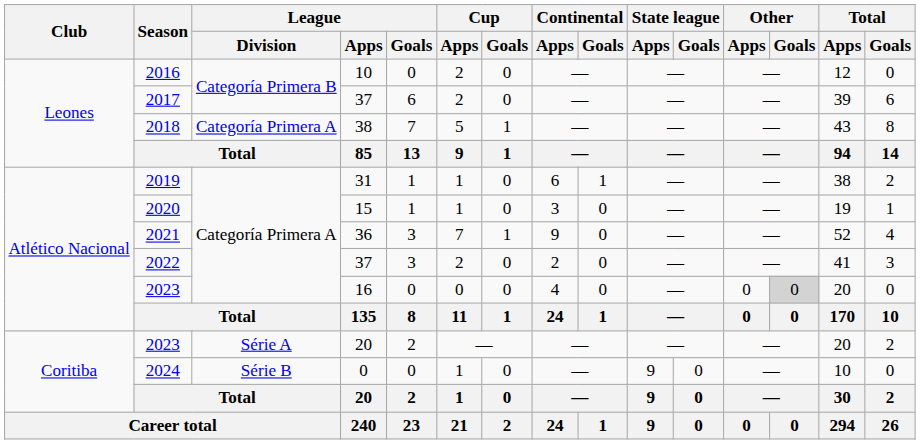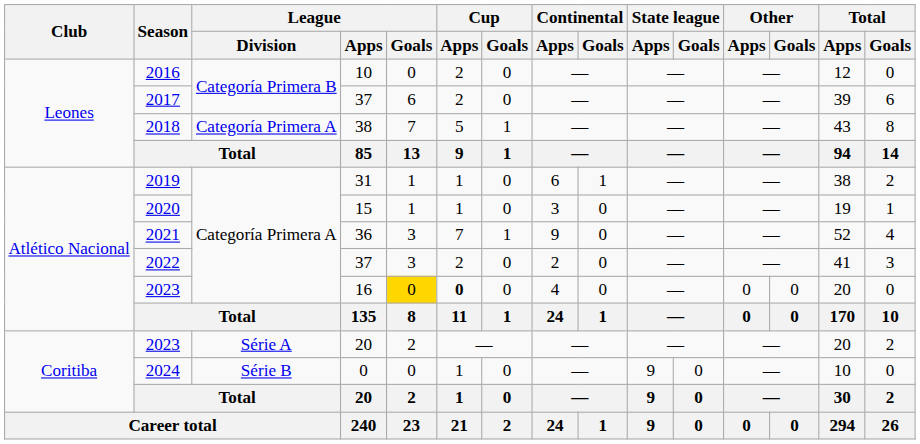 <table class="wikitable" style="text-align: center;">
 <tr>
 <th rowspan="2">Club</th>
 <th rowspan="2">Season</th>
 <th colspan="3">League</th>
 <th colspan="2">Cup</th>
 <th colspan="2">Continental</th>
 <th colspan="2">State league</th>
 <th colspan="2">Other</th>
 <th colspan="2">Total</th>
 </tr>
 <tr>
 <th>Division</th>
 <th>Apps</th>
 <th>Goals</th>
 <th>Apps</th>
 <th>Goals</th>
 <th>Apps</th>
 <th>Goals</th>
 <th>Apps</th>
 <th>Goals</th>
 <th>Apps</th>
 <th>Goals</th>
 <th>Apps</th>
 <th>Goals</th>
 </tr>
 <tr>
 <td rowspan="4"><a href='#'>Leones</a></td>
 <td><a href='#'>2016</a></td>
 <td rowspan="2"><a href='#'>Categoría Primera B</a></td>
 <td>10</td>
 <td>0</td>
 <td>2</td>
 <td>0</td>
 <td colspan="2">—</td>
 <td colspan="2">—</td>
 <td colspan="2">—</td>
 <td>12</td>
 <td>0</td>
 </tr>
 <tr>
 <td><a href='#'>2017</a></td>
 <td>37</td>
 <td>6</td>
 <td>2</td>
 <td>0</td>
 <td colspan="2">—</td>
 <td colspan="2">—</td>
 <td colspan="2">—</td>
 <td>39</td>
 <td>6</td>
 </tr>
 <tr>
 <td><a href='#'>2018</a></td>
 <td><a href='#'>Categoría Primera A</a></td>
 <td>38</td>
 <td>7</td>
 <td>5</td>
 <td>1</td>
 <td colspan="2">—</td>
 <td colspan="2">—</td>
 <td colspan="2">—</td>
 <td>43</td>
 <td>8</td>
 </tr>
 <tr>
 <th colspan="2">Total</th>
 <th>85</th>
 <th>13</th>
 <th>9</th>
 <th>1</th>
 <th colspan="2">—</th>
 <th colspan="2">—</th>
 <th colspan="2">—</th>
 <th>94</th>
 <th>14</th>
 </tr>
 <tr>
 <td rowspan="6"><a href='#'>Atlético Nacional</a></td>
 <td><a href='#'>2019</a></td>
 <td rowspan="5">Categoría Primera A</td>
 <td>31</td>
 <td>1</td>
 <td>1</td>
 <td>0</td>
 <td>6</td>
 <td>1</td>
 <td colspan="2">—</td>
 <td colspan="2">—</td>
 <td>38</td>
 <td>2</td>
 </tr>
 <tr>
 <td><a href='#'>2020</a></td>
 <td>15</td>
 <td>1</td>
 <td>1</td>
 <td>0</td>
 <td>3</td>
 <td>0</td>
 <td colspan="2">—</td>
 <td colspan="2">—</td>
 <td>19</td>
 <td>1</td>
 </tr>
 <tr>
 <td><a href='#'>2021</a></td>
 <td>36</td>
 <td>3</td>
 <td>7</td>
 <td>1</td>
 <td>9</td>
 <td>0</td>
 <td colspan="2">—</td>
 <td colspan="2">—</td>
 <td>52</td>
 <td>4</td>
 </tr>
 <tr>
 <td><a href='#'>2022</a></td>
 <td>37</td>
 <td>3</td>
 <td>2</td>
 <td>0</td>
 <td>2</td>
 <td>0</td>
 <td colspan="2">—</td>
 <td colspan="2">—</td>
 <td>41</td>
 <td>3</td>
 </tr>
 <tr>
 <td><a href='#'>2023</a></td>
 <td>16</td>
-<td>0</td>
-<td>0</td>
+<td style="background: gold;">0</td>
+<td><strong>0</strong></td>
 <td>0</td>
 <td>4</td>
 <td>0</td>
 <td colspan="2">—</td>
 <td>0</td>
-<td style="background: lightgrey;">0</td>
+<td>0</td>
 <td>20</td>
 <td>0</td>
 </tr>
 <tr>
 <th colspan="2">Total</th>
 <th>135</th>
 <th>8</th>
 <th>11</th>
 <th>1</th>
 <th>24</th>
 <th>1</th>
 <th colspan="2">—</th>
 <th>0</th>
 <th>0</th>
 <th>170</th>
 <th>10</th>
 </tr>
 <tr>
 <td rowspan="3"><a href='#'>Coritiba</a></td>
 <td><a href='#'>2023</a></td>
 <td><a href='#'>Série A</a></td>
 <td>20</td>
 <td>2</td>
 <td colspan="2">—</td>
 <td colspan="2">—</td>
 <td colspan="2">—</td>
 <td colspan="2">—</td>
 <td>20</td>
 <td>2</td>
 </tr>
 <tr>
 <td><a href='#'>2024</a></td>
 <td><a href='#'>Série B</a></td>
 <td>0</td>
 <td>0</td>
 <td>1</td>
 <td>0</td>
 <td colspan="2">—</td>
 <td>9</td>
 <td>0</td>
 <td colspan="2">—</td>
 <td>10</td>
 <td>0</td>
 </tr>
 <tr>
 <th colspan="2">Total</th>
 <th>20</th>
 <th>2</th>
 <th>1</th>
 <th>0</th>
 <th colspan="2">—</th>
 <th>9</th>
 <th>0</th>
 <th colspan="2">—</th>
 <th>30</th>
 <th>2</th>
 </tr>
 <tr>
 <th colspan="3">Career total</th>
 <th>240</th>
 <th>23</th>
 <th>21</th>
 <th>2</th>
 <th>24</th>
 <th>1</th>
 <th>9</th>
 <th>0</th>
 <th>0</th>
 <th>0</th>
 <th>294</th>
 <th>26</th>
 </tr>
 </table>
